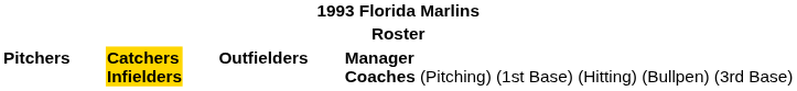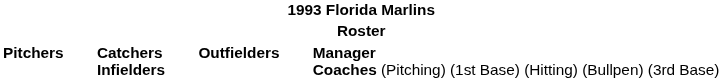 <table class="toccolours" style="font-size: 95%;">
 <tr>
 <th colspan="10" style="text-align:center; ">1993 Florida Marlins</th>
 </tr>
 <tr>
 <td colspan="10" style="text-align:center; "><strong>Roster</strong></td>
 </tr>
 <tr>
 <td valign="top"><strong>Pitchers</strong><br>                 </td>
 <td width="25px"></td>
-<td valign="top" style="background: gold;"><strong>Catchers</strong><br>     <strong>Infielders</strong>        </td>
+<td valign="top"><strong>Catchers</strong><br>     <strong>Infielders</strong>        </td>
 <td width="25px"></td>
 <td valign="top"><strong>Outfielders</strong><br>           </td>
 <td width="25px"></td>
 <td valign="top"><strong>Manager</strong><br> <strong>Coaches</strong>  (Pitching)  (1st Base)  (Hitting)  (Bullpen)  (3rd Base)</td>
 </tr>
 <tr>
 </tr>
 </table>
